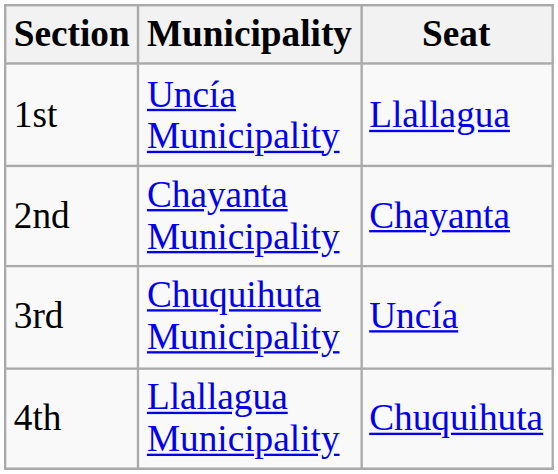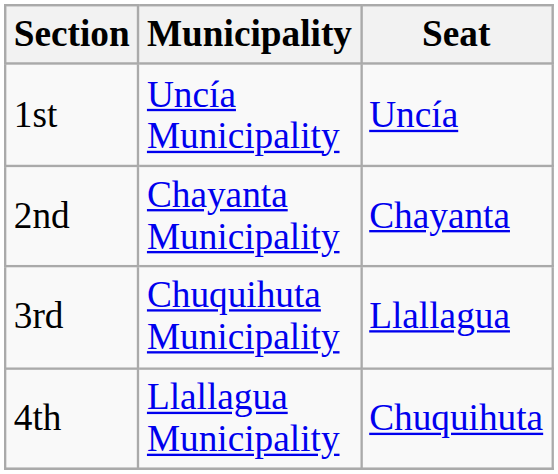 <table class="wikitable" border="1" style="width:35%;" border="1">
 <tr bgcolor=silver>
 <th>Section</th>
 <th>Municipality</th>
 <th>Seat</th>
 </tr>
 <tr>
 <td>1st</td>
 <td><a href='#'>Uncía Municipality</a></td>
-<td><a href='#'>Llallagua</a></td>
+<td><a href='#'>Uncía</a></td>
 </tr>
 <tr>
 <td>2nd</td>
 <td><a href='#'>Chayanta Municipality</a></td>
 <td><a href='#'>Chayanta</a></td>
 </tr>
 <tr>
 <td>3rd</td>
 <td><a href='#'>Chuquihuta Municipality</a></td>
-<td><a href='#'>Uncía</a></td>
+<td><a href='#'>Llallagua</a></td>
 </tr>
 <tr>
 <td>4th</td>
 <td><a href='#'>Llallagua Municipality</a></td>
 <td><a href='#'>Chuquihuta</a></td>
 </tr>
 <tr>
 </tr>
 </table>
